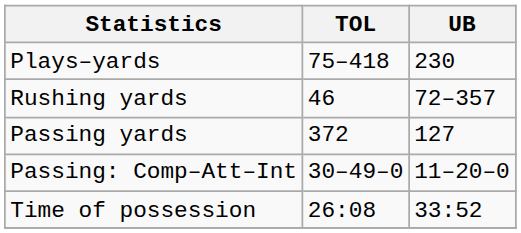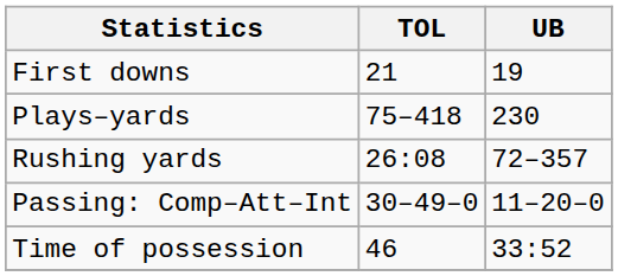 <table class="wikitable" style="float: left;">
 <tr>
 <th>Statistics</th>
 <th>TOL</th>
 <th>UB</th>
+</tr>
+<tr>
+<td>First downs</td>
+<td>21</td>
+<td>19</td>
 </tr>
 <tr>
 <td>Plays–yards</td>
 <td>75–418</td>
 <td>230</td>
 </tr>
 <tr>
 <td>Rushing yards</td>
-<td>46</td>
+<td>26:08</td>
 <td>72–357</td>
-</tr>
-<tr>
-<td>Passing yards</td>
-<td>372</td>
-<td>127</td>
 </tr>
 <tr>
 <td>Passing: Comp–Att–Int</td>
 <td>30–49–0</td>
 <td>11–20–0</td>
 </tr>
 <tr>
 <td>Time of possession</td>
-<td>26:08</td>
+<td>46</td>
 <td>33:52</td>
 </tr>
 <tr>
 </tr>
 </table>
